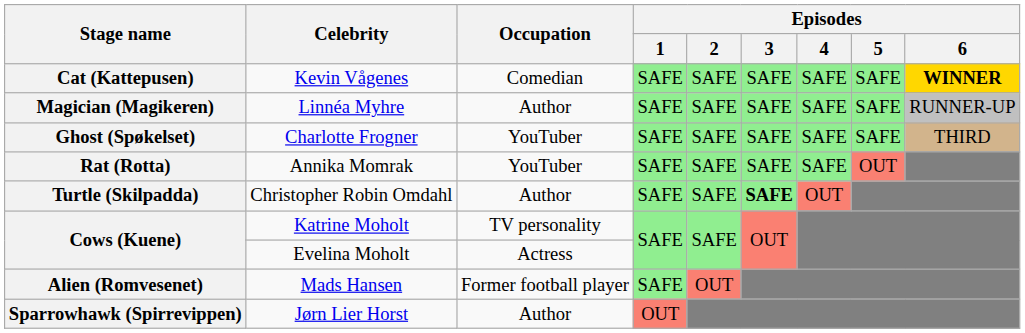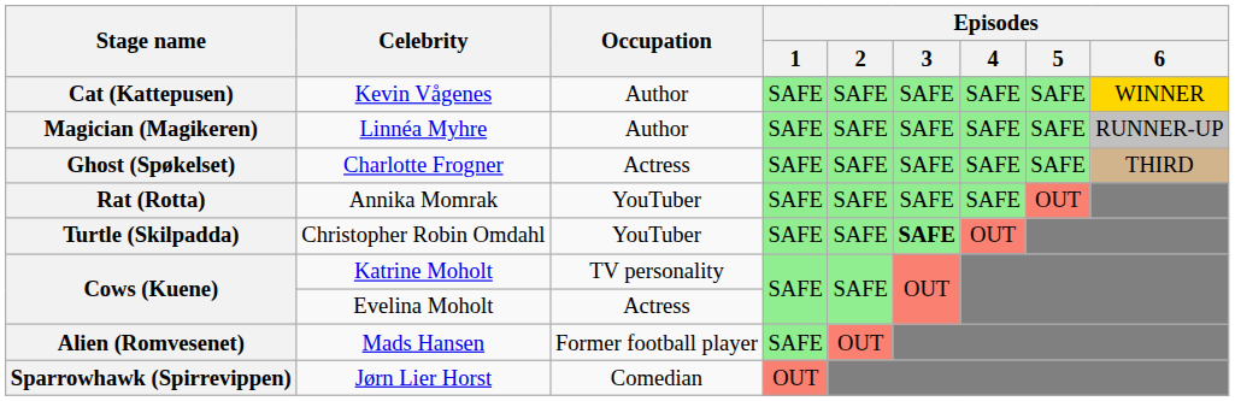 <table class="wikitable" style="text-align:center; ">
 <tr>
 <th rowspan=2>Stage name</th>
 <th rowspan=2>Celebrity</th>
 <th rowspan=2>Occupation</th>
 <th colspan="6">Episodes</th>
 </tr>
 <tr>
 <th rowspan="1">1</th>
 <th rowspan="1">2</th>
 <th rowspan="1">3</th>
 <th rowspan="1">4</th>
 <th>5</th>
 <th>6</th>
 </tr>
 <tr>
 <th>Cat (Kattepusen)</th>
 <td><a href='#'>Kevin Vågenes</a></td>
-<td>Comedian</td>
+<td>Author</td>
 <td bgcolor="lightgreen">SAFE</td>
 <td bgcolor="lightgreen">SAFE</td>
 <td bgcolor="lightgreen">SAFE</td>
 <td bgcolor="lightgreen">SAFE</td>
 <td bgcolor="lightgreen">SAFE</td>
-<td bgcolor=gold><strong>WINNER</strong></td>
+<td bgcolor=gold>WINNER</td>
 </tr>
 <tr>
 <th>Magician (Magikeren)</th>
 <td><a href='#'>Linnéa Myhre</a></td>
 <td>Author</td>
 <td bgcolor="lightgreen">SAFE</td>
 <td bgcolor="lightgreen">SAFE</td>
 <td bgcolor="lightgreen">SAFE</td>
 <td bgcolor="lightgreen">SAFE</td>
 <td bgcolor="lightgreen">SAFE</td>
 <td bgcolor=silver>RUNNER-UP</td>
 </tr>
 <tr>
 <th>Ghost (Spøkelset)</th>
 <td><a href='#'>Charlotte Frogner</a></td>
-<td>YouTuber</td>
+<td>Actress</td>
 <td bgcolor="lightgreen">SAFE</td>
 <td bgcolor="lightgreen">SAFE</td>
 <td bgcolor="lightgreen">SAFE</td>
 <td bgcolor="lightgreen">SAFE</td>
 <td bgcolor="lightgreen">SAFE</td>
 <td bgcolor=tan>THIRD</td>
 </tr>
 <tr>
 <th>Rat (Rotta)</th>
 <td>Annika Momrak</td>
 <td>YouTuber</td>
 <td bgcolor="lightgreen">SAFE</td>
 <td bgcolor="lightgreen">SAFE</td>
 <td bgcolor="lightgreen">SAFE</td>
 <td bgcolor="lightgreen">SAFE</td>
 <td bgcolor=salmon>OUT</td>
 <td colspan="2" bgcolor="grey"></td>
 </tr>
 <tr>
 <th>Turtle (Skilpadda)</th>
 <td>Christopher Robin Omdahl</td>
-<td>Author</td>
+<td>YouTuber</td>
 <td bgcolor="lightgreen">SAFE</td>
 <td bgcolor="lightgreen">SAFE</td>
 <td bgcolor="lightgreen"><strong>SAFE</strong></td>
 <td bgcolor=salmon>OUT</td>
 <td colspan="3" bgcolor="grey"></td>
 </tr>
 <tr>
 <th rowspan="2">Cows (Kuene)</th>
 <td><a href='#'>Katrine Moholt</a></td>
 <td>TV personality</td>
 <td rowspan="2" bgcolor="lightgreen">SAFE</td>
 <td rowspan="2" bgcolor="lightgreen">SAFE</td>
 <td rowspan="2" bgcolor=salmon>OUT</td>
 <td colspan="5" rowspan="2" bgcolor="grey"></td>
 </tr>
 <tr>
 <td>Evelina Moholt</td>
 <td>Actress</td>
 </tr>
 <tr>
 <th>Alien (Romvesenet)</th>
 <td><a href='#'>Mads Hansen</a></td>
 <td>Former football player</td>
 <td bgcolor="lightgreen">SAFE</td>
 <td bgcolor=salmon>OUT</td>
 <td colspan="6" bgcolor="grey"></td>
 </tr>
 <tr>
 <th>Sparrowhawk (Spirrevippen)</th>
 <td><a href='#'>Jørn Lier Horst</a></td>
-<td>Author</td>
+<td>Comedian</td>
 <td bgcolor=salmon>OUT</td>
 <td colspan="7" bgcolor="grey"></td>
 </tr>
 </table>
